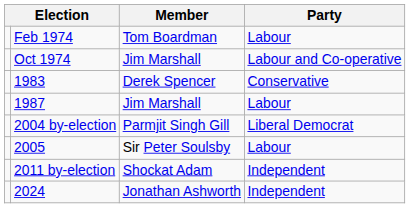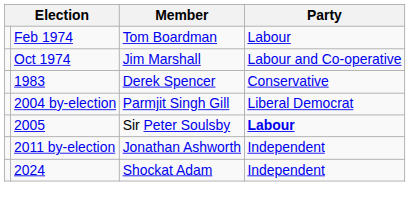 <table class="wikitable">
 <tr>
 <th colspan="2">Election</th>
 <th>Member</th>
 <th>Party</th>
 </tr>
 <tr>
 <td style="color:inherit;background-color: "></td>
 <td><a href='#'>Feb 1974</a></td>
 <td><a href='#'>Tom Boardman</a></td>
 <td><a href='#'>Labour</a></td>
 </tr>
 <tr>
 <td style="color:inherit;background-color: "></td>
 <td><a href='#'>Oct 1974</a></td>
 <td><a href='#'>Jim Marshall</a></td>
 <td><a href='#'>Labour and Co-operative</a></td>
 </tr>
 <tr>
 <td style="color:inherit;background-color: "></td>
 <td><a href='#'>1983</a></td>
 <td><a href='#'>Derek Spencer</a></td>
 <td><a href='#'>Conservative</a></td>
 </tr>
 <tr>
 <td style="color:inherit;background-color: "></td>
-<td><a href='#'>1987</a></td>
-<td><a href='#'>Jim Marshall</a></td>
-<td><a href='#'>Labour</a></td>
-</tr>
-<tr>
-<td style="color:inherit;background-color: "></td>
 <td><a href='#'>2004 by-election</a></td>
 <td><a href='#'>Parmjit Singh Gill</a></td>
 <td><a href='#'>Liberal Democrat</a></td>
 </tr>
 <tr>
 <td style="color:inherit;background-color: "></td>
 <td><a href='#'>2005</a></td>
 <td>Sir <a href='#'>Peter Soulsby</a></td>
-<td><a href='#'>Labour</a></td>
+<td><strong><a href='#'>Labour</a></strong></td>
 </tr>
 <tr>
 <td style="color:inherit;background-color: "></td>
 <td><a href='#'>2011 by-election</a></td>
-<td><a href='#'>Shockat Adam</a></td>
+<td><a href='#'>Jonathan Ashworth</a></td>
 <td><a href='#'>Independent</a></td>
 </tr>
 <tr>
 <td style="color:inherit;background-color: "></td>
 <td><a href='#'>2024</a></td>
-<td><a href='#'>Jonathan Ashworth</a></td>
+<td><a href='#'>Shockat Adam</a></td>
 <td><a href='#'>Independent</a></td>
 </tr>
 </table>
